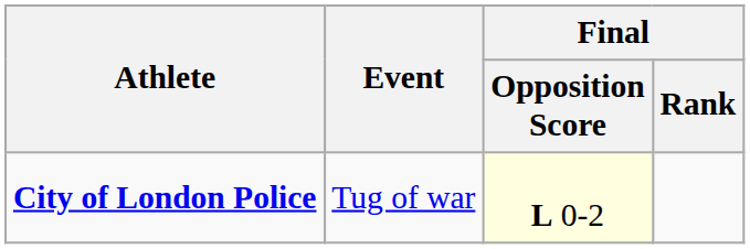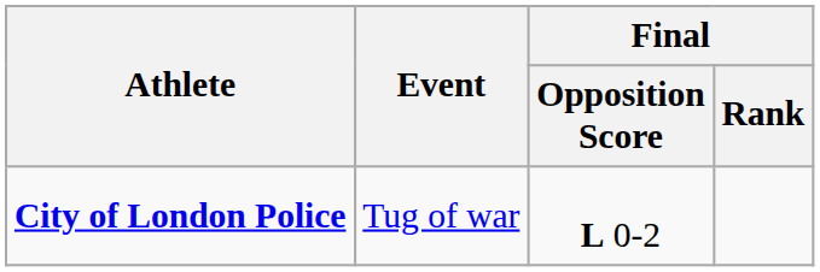 <table class=wikitable style="font-size:90%">
 <tr>
 <th rowspan="2">Athlete</th>
 <th rowspan="2">Event</th>
 <th colspan="2">Final</th>
 </tr>
 <tr>
 <th>Opposition<br>Score</th>
 <th>Rank</th>
 </tr>
 <tr>
 <td><strong><a href='#'>City of London Police</a></strong></td>
 <td><a href='#'>Tug of war</a></td>
-<td align=center style="background: lightyellow;"> <br> <strong>L</strong> 0-2</td>
+<td align=center> <br> <strong>L</strong> 0-2</td>
 <td align=center></td>
 </tr>
 </table>
